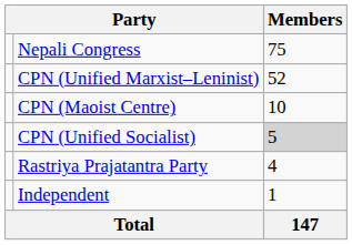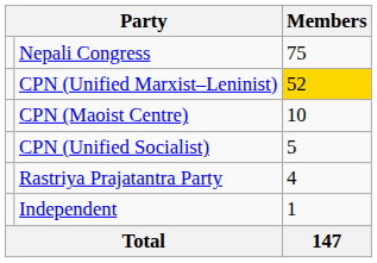 <table class="wikitable">
 <tr>
 <th colspan="2">Party</th>
 <th>Members</th>
 </tr>
 <tr>
 <td style="background-color:"></td>
 <td><a href='#'>Nepali Congress</a></td>
 <td>75</td>
 </tr>
 <tr>
 <td style="background-color:"></td>
 <td><a href='#'>CPN (Unified Marxist–Leninist)</a></td>
-<td>52</td>
+<td style="background: gold;">52</td>
 </tr>
 <tr>
 <td style="background-color:"></td>
 <td><a href='#'>CPN (Maoist Centre)</a></td>
 <td>10</td>
 </tr>
 <tr>
 <td style="background-color:"></td>
 <td><a href='#'>CPN (Unified Socialist)</a></td>
-<td style="background: lightgrey;">5</td>
+<td>5</td>
 </tr>
 <tr>
 <td style="background-color:"></td>
 <td><a href='#'>Rastriya Prajatantra Party</a></td>
 <td>4</td>
 </tr>
 <tr>
 <td style="background-color:"></td>
 <td><a href='#'>Independent</a></td>
 <td>1</td>
 </tr>
 <tr>
 <th colspan="2">Total</th>
 <th>147</th>
 </tr>
 </table>
